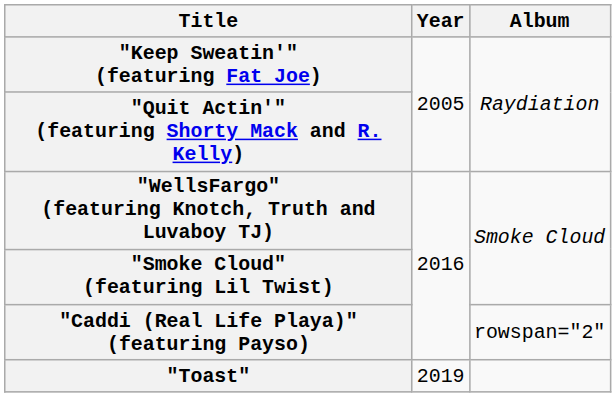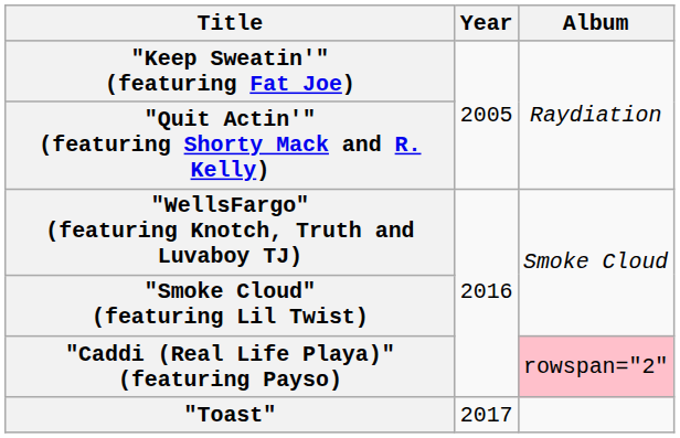 <table class="wikitable plainrowheaders" style="text-align:center;">
 <tr>
 <th scope="col" style="width:20em;">Title</th>
 <th scope="col">Year</th>
 <th scope="col">Album</th>
 </tr>
 <tr>
 <th scope="row">"Keep Sweatin'"<br><span>(featuring <a href='#'>Fat Joe</a>)</span></th>
 <td rowspan="2">2005</td>
 <td rowspan="2"><em>Raydiation</em></td>
 </tr>
 <tr>
 <th scope="row">"Quit Actin'"<br><span>(featuring <a href='#'>Shorty Mack</a> and <a href='#'>R. Kelly</a>)</span></th>
 </tr>
 <tr>
 <th scope="row">"WellsFargo"<br><span>(featuring Knotch, Truth and Luvaboy TJ)</span></th>
 <td rowspan="3">2016</td>
 <td rowspan="2"><em>Smoke Cloud</em></td>
 </tr>
 <tr>
 <th scope="row">"Smoke Cloud"<br><span>(featuring Lil Twist)</span></th>
 </tr>
 <tr>
 <th scope="row">"Caddi (Real Life Playa)"<br><span>(featuring Payso)</span></th>
-<td>rowspan="2" </td>
+<td style="background: pink;">rowspan="2" </td>
 </tr>
 <tr>
 <th scope="row">"Toast"</th>
-<td>2019</td>
+<td>2017</td>
 </tr>
 </table>
